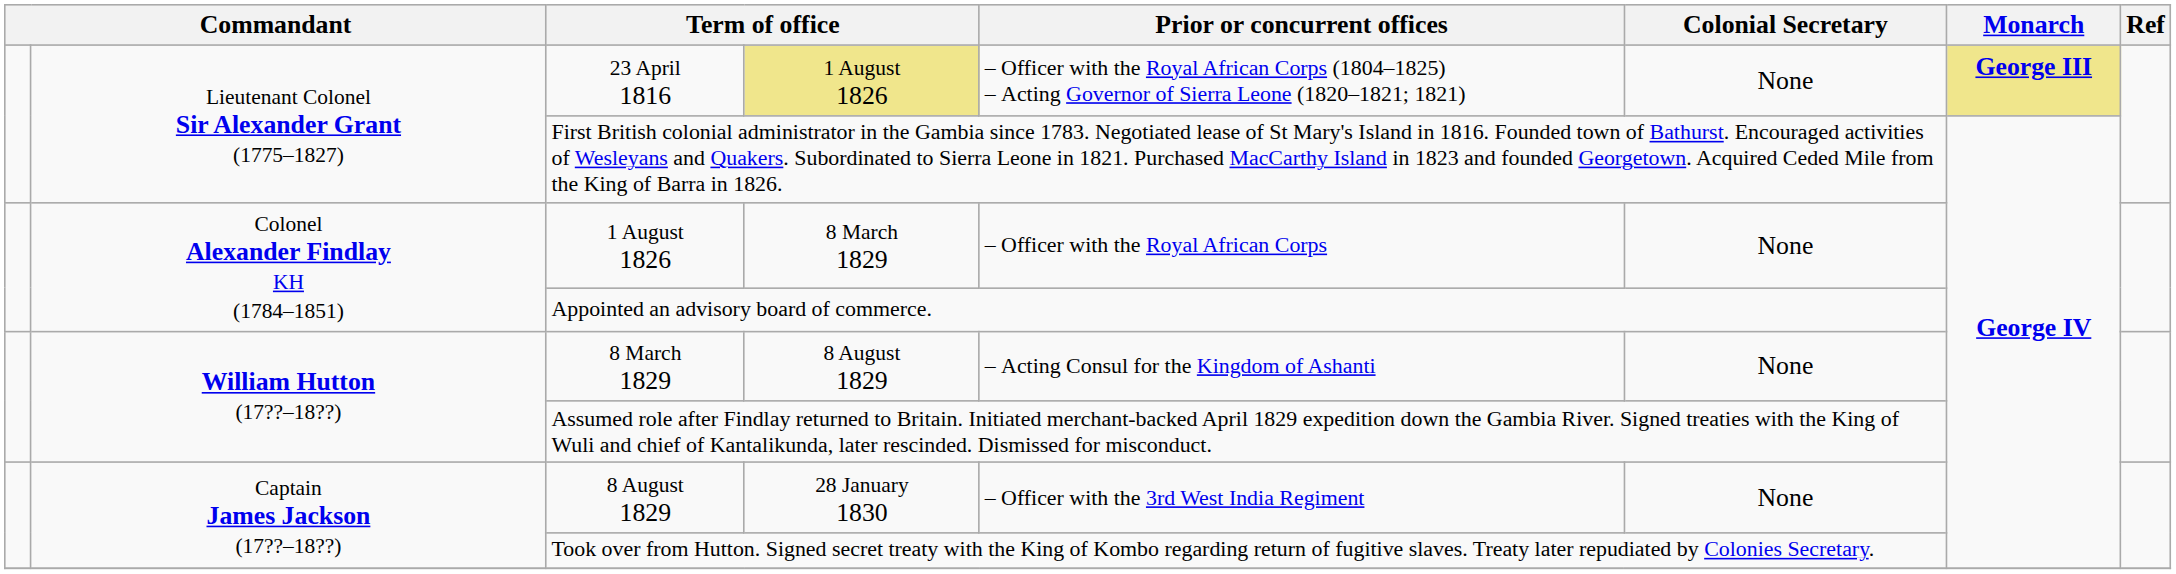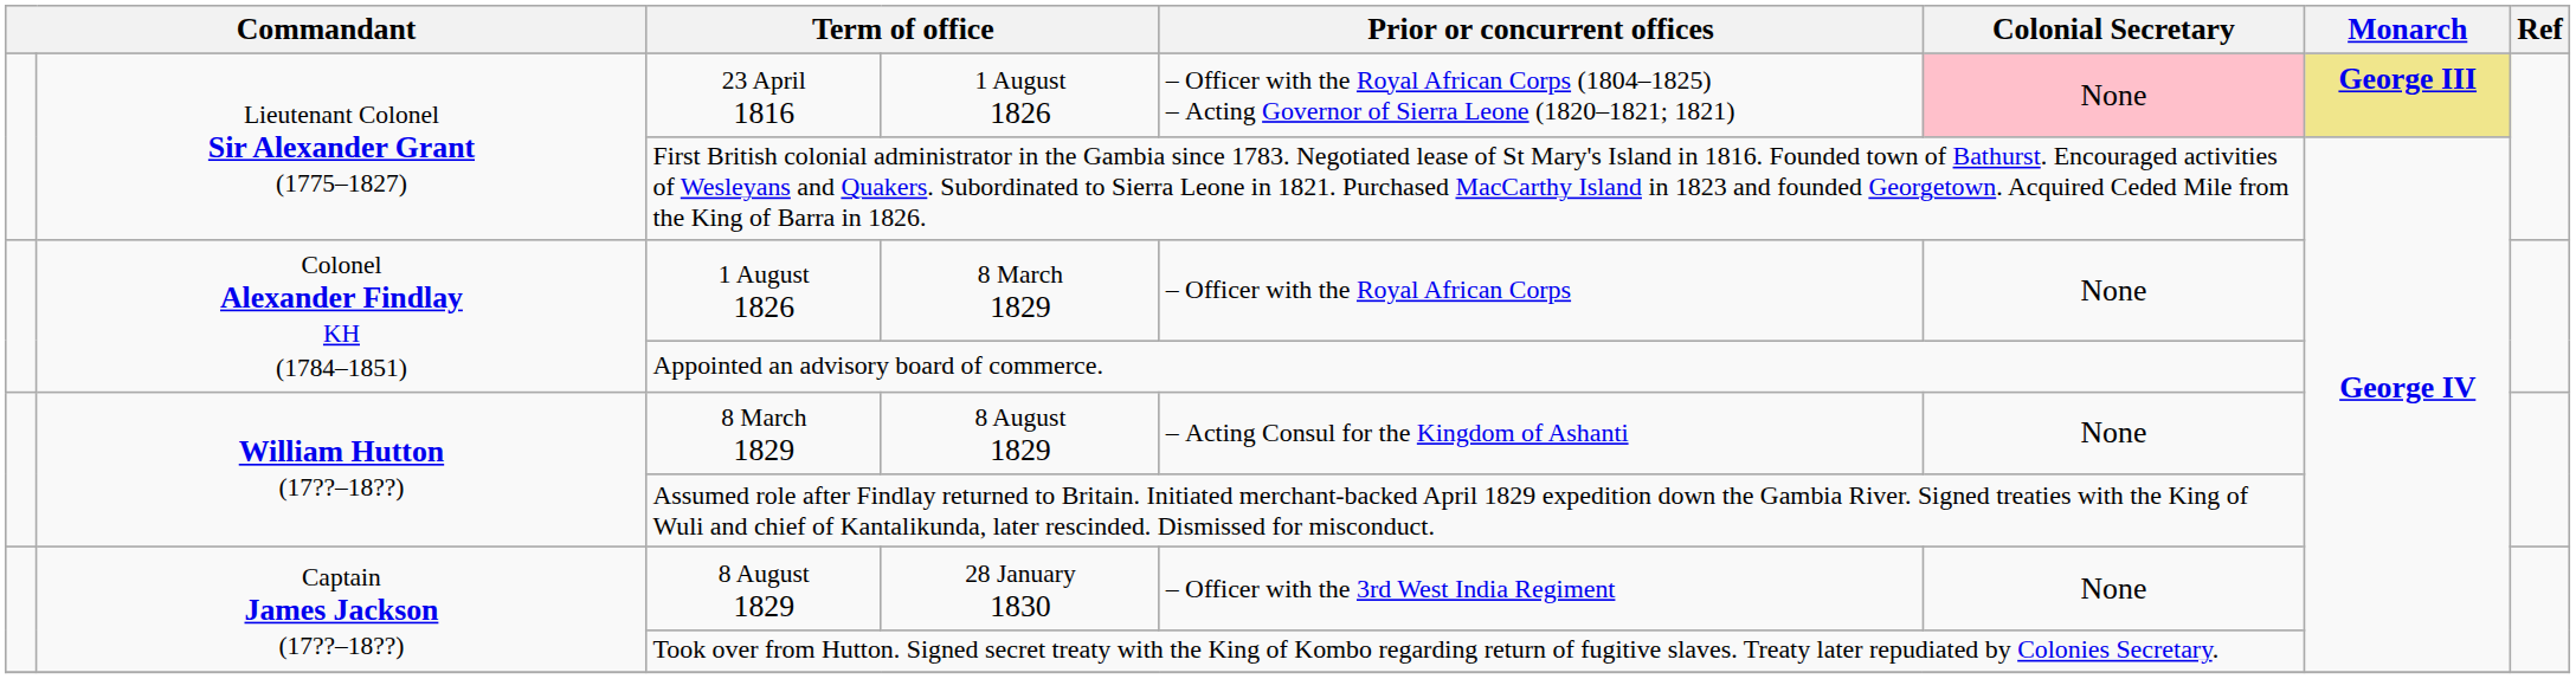 <table class="wikitable" style="width:85%; text-align:center;">
 <tr>
 <th colspan="2" style="width:25%">Commandant</th>
 <th colspan="2" style="width:20%">Term of office</th>
 <th>Prior or concurrent offices</th>
 <th>Colonial Secretary</th>
 <th style="width:8%"><a href='#'>Monarch</a></th>
 <th>Ref</th>
 </tr>
 <tr>
 <td rowspan="2"></td>
 <td rowspan="2"><small>Lieutenant Colonel</small><br><strong><a href='#'>Sir Alexander Grant</a></strong><br><small>(1775–1827)</small></td>
 <td id="Geo. 1" nowrap="nowrap"><small>23 April</small><br>1816</td>
-<td id="Geo. 2" nowrap="nowrap" style="background: khaki;"><small>1 August</small><br>1826</td>
+<td id="Geo. 2" nowrap="nowrap"><small>1 August</small><br>1826</td>
 <td style="text-align:left; font-size:85%;">– Officer with the <a href='#'>Royal African Corps</a> (1804–1825)<br>– Acting <a href='#'>Governor of Sierra Leone</a> (1820–1821; 1821)</td>
-<td>None</td>
+<td style="background: pink;">None</td>
 <td style="background: khaki;"><a href='#'><strong>George III</strong></a><br><br></td>
 <td rowspan="2"></td>
 </tr>
 <tr>
 <td colspan="4" style="text-align:left;font-size:85% ">First British colonial administrator in the Gambia since 1783. Negotiated lease of St Mary's Island in 1816. Founded town of <a href='#'>Bathurst</a>. Encouraged activities of <a href='#'>Wesleyans</a> and <a href='#'>Quakers</a>. Subordinated to Sierra Leone in 1821. Purchased <a href='#'>MacCarthy Island</a> in 1823 and founded <a href='#'>Georgetown</a>. Acquired Ceded Mile from the King of Barra in 1826.</td>
 <td rowspan ="7"><a href='#'><strong>George IV</strong></a><br><br></td>
 </tr>
 <tr>
 <td rowspan="2"></td>
 <td rowspan="2"><small>Colonel</small><br><strong><a href='#'>Alexander Findlay</a></strong><br><a href='#'><small>KH</small></a><br><small>(1784–1851)</small></td>
 <td id="Geo. 1" nowrap="nowrap"><small>1 August</small><br>1826</td>
 <td id="Geo. 2" nowrap="nowrap"><small>8 March</small><br>1829</td>
 <td style="text-align:left; font-size:85%;">– Officer with the <a href='#'>Royal African Corps</a></td>
 <td>None</td>
 <td rowspan="2"></td>
 </tr>
 <tr>
 <td colspan="4" style="text-align:left; font-size:85% ">Appointed an advisory board of commerce.</td>
 </tr>
 <tr>
 <td rowspan="2"></td>
 <td rowspan="2"><strong><a href='#'>William Hutton</a></strong><br><small>(17??–18??)</small></td>
 <td id="Geo. 1" nowrap="nowrap"><small>8 March</small><br>1829</td>
 <td id="Geo. 2" nowrap="nowrap"><small>8 August</small><br>1829</td>
 <td style="text-align:left; font-size:85%;">– Acting Consul for the <a href='#'>Kingdom of Ashanti</a></td>
 <td>None</td>
 <td rowspan="2"></td>
 </tr>
 <tr>
 <td colspan="4" style="text-align:left;font-size:85% ">Assumed role after Findlay returned to Britain. Initiated merchant-backed April 1829 expedition down the Gambia River. Signed treaties with the King of Wuli and chief of Kantalikunda, later rescinded. Dismissed for misconduct.</td>
 </tr>
 <tr>
 <td rowspan="2"></td>
 <td rowspan="2"><small>Captain</small><br><strong><a href='#'>James Jackson</a></strong><br><small>(17??–18??)</small></td>
 <td id="Geo. 1" nowrap="nowrap"><small>8 August</small><br>1829</td>
 <td id="Geo. 2" nowrap="nowrap"><small>28 January</small><br>1830</td>
 <td style="text-align:left; font-size:85%;">– Officer with the <a href='#'>3rd West India Regiment</a></td>
 <td>None</td>
 <td rowspan="2"></td>
 </tr>
 <tr>
 <td colspan="4" style="text-align:left;font-size:85%">Took over from Hutton. Signed secret treaty with the King of Kombo regarding return of fugitive slaves. Treaty later repudiated by <a href='#'>Colonies Secretary</a>.</td>
 </tr>
 <tr>
 </tr>
 </table>
